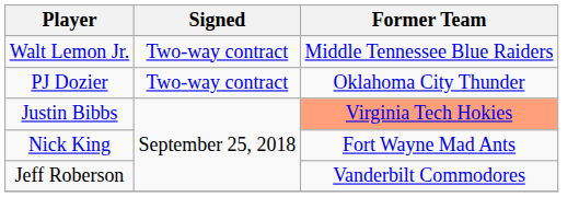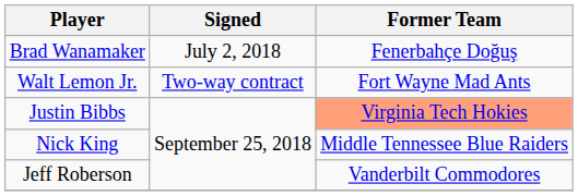 <table class="wikitable sortable sortable">
 <tr>
 <th>Player</th>
 <th>Signed</th>
 <th>Former Team</th>
 </tr>
 <tr style="text-align: center">
+<td><a href='#'>Brad Wanamaker</a></td>
+<td>July 2, 2018</td>
+<td> <a href='#'>Fenerbahçe Doğuş</a></td>
+</tr>
+<tr style="text-align: center">
 <td><a href='#'>Walt Lemon Jr.</a></td>
 <td><a href='#'>Two-way contract</a></td>
-<td><a href='#'>Middle Tennessee Blue Raiders</a></td>
-</tr>
-<tr style="text-align: center">
-<td><a href='#'>PJ Dozier</a></td>
-<td><a href='#'>Two-way contract</a></td>
-<td><a href='#'>Oklahoma City Thunder</a></td>
+<td><a href='#'>Fort Wayne Mad Ants</a></td>
 </tr>
 <tr style="text-align: center">
 <td><a href='#'>Justin Bibbs</a></td>
 <td rowspan=3>September 25, 2018</td>
 <td style="background: lightsalmon;"><a href='#'>Virginia Tech Hokies</a></td>
 </tr>
 <tr style="text-align: center">
 <td><a href='#'>Nick King</a></td>
-<td><a href='#'>Fort Wayne Mad Ants</a></td>
+<td><a href='#'>Middle Tennessee Blue Raiders</a></td>
 </tr>
 <tr style="text-align: center">
 <td>Jeff Roberson</td>
 <td><a href='#'>Vanderbilt Commodores</a></td>
 </tr>
 <tr>
 </tr>
 </table>
